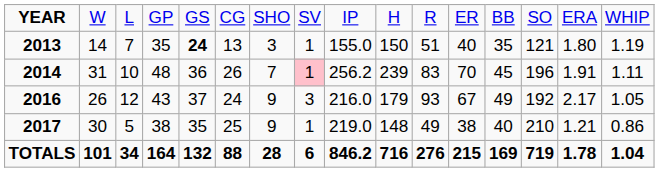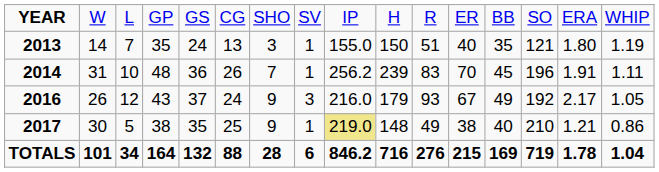 <table class="wikitable">
 <tr align=center>
 <td><strong>YEAR</strong></td>
 <td><a href='#'>W</a></td>
 <td><a href='#'>L</a></td>
 <td><a href='#'>GP</a></td>
 <td><a href='#'>GS</a></td>
 <td><a href='#'>CG</a></td>
 <td><a href='#'>SHO</a></td>
 <td><a href='#'>SV</a></td>
 <td><a href='#'>IP</a></td>
 <td><a href='#'>H</a></td>
 <td><a href='#'>R</a></td>
 <td><a href='#'>ER</a></td>
 <td><a href='#'>BB</a></td>
 <td><a href='#'>SO</a></td>
 <td><a href='#'>ERA</a></td>
 <td><a href='#'>WHIP</a></td>
 </tr>
 <tr align=center>
 <td><strong>2013</strong></td>
 <td>14</td>
 <td>7</td>
 <td>35</td>
-<td><strong>24</strong></td>
+<td>24</td>
 <td>13</td>
 <td>3</td>
 <td>1</td>
 <td>155.0</td>
 <td>150</td>
 <td>51</td>
 <td>40</td>
 <td>35</td>
 <td>121</td>
 <td>1.80</td>
 <td>1.19</td>
 </tr>
 <tr align=center>
 <td><strong>2014</strong></td>
 <td>31</td>
 <td>10</td>
 <td>48</td>
 <td>36</td>
 <td>26</td>
 <td>7</td>
-<td style="background: pink;">1</td>
+<td>1</td>
 <td>256.2</td>
 <td>239</td>
 <td>83</td>
 <td>70</td>
 <td>45</td>
 <td>196</td>
 <td>1.91</td>
 <td>1.11</td>
 </tr>
 <tr align=center>
 <td><strong>2016</strong></td>
 <td>26</td>
 <td>12</td>
 <td>43</td>
 <td>37</td>
 <td>24</td>
 <td>9</td>
 <td>3</td>
 <td>216.0</td>
 <td>179</td>
 <td>93</td>
 <td>67</td>
 <td>49</td>
 <td>192</td>
 <td>2.17</td>
 <td>1.05</td>
 </tr>
 <tr align=center>
 <td><strong>2017</strong></td>
 <td>30</td>
 <td>5</td>
 <td>38</td>
 <td>35</td>
 <td>25</td>
 <td>9</td>
 <td>1</td>
-<td>219.0</td>
+<td style="background: khaki;">219.0</td>
 <td>148</td>
 <td>49</td>
 <td>38</td>
 <td>40</td>
 <td>210</td>
 <td>1.21</td>
 <td>0.86</td>
 </tr>
 <tr align=center>
 <td><strong>TOTALS</strong></td>
 <td><strong>101</strong></td>
 <td><strong>34</strong></td>
 <td><strong>164</strong></td>
 <td><strong>132</strong></td>
 <td><strong>88</strong></td>
 <td><strong>28</strong></td>
 <td><strong>6</strong></td>
 <td><strong>846.2</strong></td>
 <td><strong>716</strong></td>
 <td><strong>276</strong></td>
 <td><strong>215</strong></td>
 <td><strong>169</strong></td>
 <td><strong>719</strong></td>
 <td><strong>1.78</strong></td>
 <td><strong>1.04</strong></td>
 </tr>
 </table>
